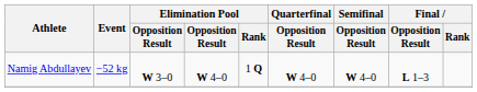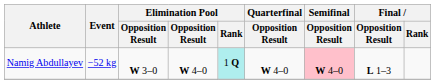 <table class="wikitable" style="font-size:90%">
 <tr>
 <th rowspan="2">Athlete</th>
 <th rowspan="2">Event</th>
 <th colspan="3">Elimination Pool</th>
 <th>Quarterfinal</th>
 <th>Semifinal</th>
 <th colspan="2">Final / </th>
 </tr>
 <tr style="font-size: 95%">
 <th>Opposition<br>Result</th>
 <th>Opposition<br>Result</th>
 <th>Rank</th>
 <th>Opposition<br>Result</th>
 <th>Opposition<br>Result</th>
 <th>Opposition<br>Result</th>
 <th>Rank</th>
 </tr>
 <tr style="text-align:center">
 <td style="text-align:left"><a href='#'>Namig Abdullayev</a></td>
 <td style="text-align:left"><a href='#'>−52 kg</a></td>
 <td><br><strong>W</strong> 3–0 <sup></sup></td>
 <td><br><strong>W</strong> 4–0 <sup></sup></td>
-<td>1 <strong>Q</strong></td>
+<td style="background: paleturquoise;">1 <strong>Q</strong></td>
 <td><br><strong>W</strong> 4–0 <sup></sup></td>
-<td><br><strong>W</strong> 4–0 <sup></sup></td>
+<td style="background: pink;"><br><strong>W</strong> 4–0 <sup></sup></td>
 <td><br><strong>L</strong> 1–3 <sup></sup></td>
 <td></td>
 </tr>
 <tr style="text-align:center">
 </tr>
 </table>
